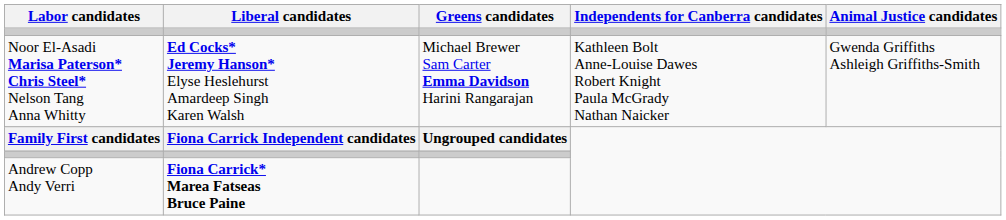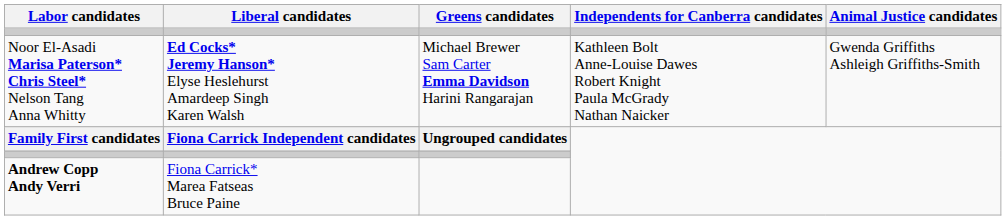 <table class="wikitable">
 <tr>
 <th><a href='#'>Labor</a> candidates</th>
 <th><a href='#'>Liberal</a> candidates</th>
 <th><a href='#'>Greens</a> candidates</th>
 <th><a href='#'>Independents for Canberra</a> candidates</th>
 <th><a href='#'>Animal Justice</a> candidates</th>
 </tr>
 <tr bgcolor="#cccccc">
 <td></td>
 <td></td>
 <td></td>
 <td></td>
 <td></td>
 </tr>
 <tr>
 <td valign=top>Noor El-Asadi<br><strong><a href='#'>Marisa Paterson*</a></strong><br><strong><a href='#'>Chris Steel*</a></strong><br>Nelson Tang<br>Anna Whitty</td>
 <td valign=top><strong><a href='#'>Ed Cocks*</a></strong><br><strong><a href='#'>Jeremy Hanson*</a></strong><br>Elyse Heslehurst<br>Amardeep Singh<br>Karen Walsh</td>
 <td valign=top>Michael Brewer<br><a href='#'>Sam Carter</a><br><strong><a href='#'>Emma Davidson</a></strong><br>Harini Rangarajan</td>
 <td valign=top>Kathleen Bolt<br>Anne-Louise Dawes<br>Robert Knight<br>Paula McGrady<br>Nathan Naicker</td>
 <td valign=top>Gwenda Griffiths<br>Ashleigh Griffiths-Smith</td>
 </tr>
 <tr bgcolor="#cccccc">
 <th><a href='#'>Family First</a> candidates</th>
 <th><a href='#'>Fiona Carrick Independent</a> candidates</th>
 <th>Ungrouped candidates</th>
 </tr>
 <tr bgcolor="#cccccc">
 <td></td>
 <td></td>
 <td></td>
 </tr>
 <tr>
-<td valign=top>Andrew Copp<br>Andy Verri</td>
-<td valign=top><strong><a href='#'>Fiona Carrick*</a><br>Marea Fatseas<br>Bruce Paine</strong></td>
+<td valign=top><strong>Andrew Copp<br>Andy Verri</strong></td>
+<td valign=top><a href='#'>Fiona Carrick*</a><br>Marea Fatseas<br>Bruce Paine</td>
 <td valign=top></td>
 </tr>
 </table>
